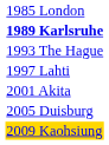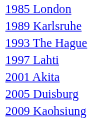 <table>
 <tr>
 <td><a href='#'>1985 London</a></td>
 <td></td>
 <td></td>
 <td></td>
 </tr>
 <tr>
-<td><strong><a href='#'>1989 Karlsruhe</a></strong></td>
+<td><a href='#'>1989 Karlsruhe</a></td>
 <td></td>
 <td></td>
 <td></td>
 </tr>
 <tr>
 <td><a href='#'>1993 The Hague</a></td>
 <td></td>
 <td></td>
 <td></td>
 </tr>
 <tr>
 <td><a href='#'>1997 Lahti</a></td>
 <td></td>
 <td></td>
 <td></td>
 </tr>
 <tr>
 <td><a href='#'>2001 Akita</a></td>
 <td></td>
 <td></td>
 <td></td>
 </tr>
 <tr>
 <td><a href='#'>2005 Duisburg</a></td>
 <td></td>
 <td></td>
 <td></td>
 </tr>
 <tr>
-<td style="background: gold;"><a href='#'>2009 Kaohsiung</a></td>
+<td><a href='#'>2009 Kaohsiung</a></td>
 <td></td>
 <td></td>
 <td></td>
 </tr>
 </table>
